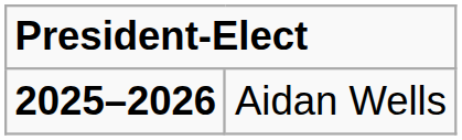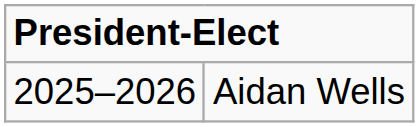 <table class=wikitable>
 <tr>
 <td colspan="2"><strong>President-Elect</strong></td>
 </tr>
 <tr>
-<td><strong>2025–2026</strong></td>
+<td>2025–2026</td>
 <td>Aidan Wells</td>
 </tr>
 </table>
